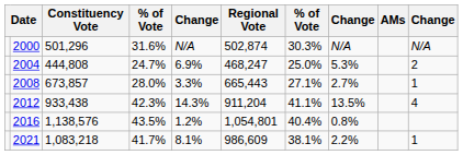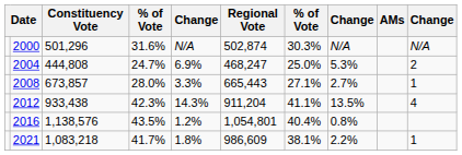 <table class="wikitable sortable" style="text-align: left">
 <tr>
 <th colspan="2">Date</th>
 <th>Constituency Vote</th>
 <th>% of Vote</th>
 <th>Change</th>
 <th>Regional Vote</th>
 <th>% of Vote</th>
 <th>Change</th>
 <th>AMs</th>
 <th>Change</th>
 </tr>
 <tr>
 <td style="color:inherit;background:"></td>
 <td><a href='#'>2000</a></td>
 <td>501,296</td>
 <td>31.6%</td>
 <td><em>N/A</em></td>
 <td>502,874</td>
 <td>30.3%</td>
 <td><em>N/A</em></td>
 <td></td>
 <td><em>N/A</em></td>
 </tr>
 <tr>
 <td style="color:inherit;background:"></td>
 <td><a href='#'>2004</a></td>
 <td>444,808</td>
 <td>24.7%</td>
 <td>6.9%</td>
 <td>468,247</td>
 <td>25.0%</td>
 <td>5.3%</td>
 <td></td>
 <td>2</td>
 </tr>
 <tr>
 <td style="color:inherit;background:"></td>
 <td><a href='#'>2008</a></td>
 <td>673,857</td>
 <td>28.0%</td>
 <td>3.3%</td>
 <td>665,443</td>
 <td>27.1%</td>
 <td>2.7%</td>
 <td></td>
 <td>1</td>
 </tr>
 <tr>
 <td style="color:inherit;background:"></td>
 <td><a href='#'>2012</a></td>
 <td>933,438</td>
 <td>42.3%</td>
 <td>14.3%</td>
 <td>911,204</td>
 <td>41.1%</td>
 <td>13.5%</td>
 <td></td>
 <td>4</td>
 </tr>
 <tr>
 <td style="color:inherit;background:"></td>
 <td><a href='#'>2016</a></td>
 <td>1,138,576</td>
 <td>43.5%</td>
 <td>1.2%</td>
 <td>1,054,801</td>
 <td>40.4%</td>
 <td>0.8%</td>
 <td></td>
 <td></td>
 </tr>
 <tr>
 <td style="color:inherit;background:"></td>
 <td><a href='#'>2021</a></td>
 <td>1,083,218</td>
 <td>41.7%</td>
-<td>8.1%</td>
+<td>1.8%</td>
 <td>986,609</td>
 <td>38.1%</td>
 <td>2.2%</td>
 <td></td>
 <td>1</td>
 </tr>
 </table>
